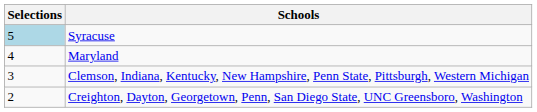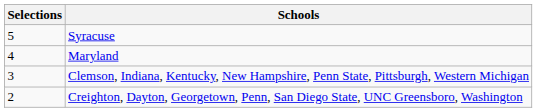 <table class="wikitable sortable" style="text-align:left">
 <tr>
 <th>Selections</th>
 <th class="unsortable">Schools</th>
 </tr>
 <tr>
-<td style="background: lightblue;">5</td>
+<td>5</td>
 <td><a href='#'>Syracuse</a></td>
 </tr>
 <tr>
 <td>4</td>
 <td><a href='#'>Maryland</a></td>
 </tr>
 <tr>
 <td>3</td>
 <td><a href='#'>Clemson</a>, <a href='#'>Indiana</a>, <a href='#'>Kentucky</a>, <a href='#'>New Hampshire</a>, <a href='#'>Penn State</a>, <a href='#'>Pittsburgh</a>, <a href='#'>Western Michigan</a></td>
 </tr>
 <tr>
 <td>2</td>
 <td><a href='#'>Creighton</a>, <a href='#'>Dayton</a>, <a href='#'>Georgetown</a>, <a href='#'>Penn</a>, <a href='#'>San Diego State</a>, <a href='#'>UNC Greensboro</a>, <a href='#'>Washington</a></td>
 </tr>
 </table>
